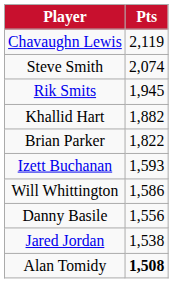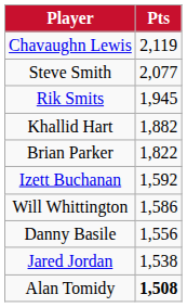 <table class="wikitable sortable" style="text-align:center">
 <tr>
 <th style="background:#C8102E; color:#FFFFFF;">Player</th>
 <th style="background:#C8102E; color:#FFFFFF;">Pts</th>
 </tr>
 <tr>
 <td><a href='#'>Chavaughn Lewis</a></td>
 <td>2,119</td>
 </tr>
 <tr>
 <td>Steve Smith</td>
-<td>2,074</td>
+<td>2,077</td>
 </tr>
 <tr>
 <td><a href='#'>Rik Smits</a></td>
 <td>1,945</td>
 </tr>
 <tr>
 <td>Khallid Hart</td>
 <td>1,882</td>
 </tr>
 <tr>
 <td>Brian Parker</td>
 <td>1,822</td>
 </tr>
 <tr>
 <td><a href='#'>Izett Buchanan</a></td>
-<td>1,593</td>
+<td>1,592</td>
 </tr>
 <tr>
 <td>Will Whittington</td>
 <td>1,586</td>
 </tr>
 <tr>
 <td>Danny Basile</td>
 <td>1,556</td>
 </tr>
 <tr>
 <td><a href='#'>Jared Jordan</a></td>
 <td>1,538</td>
 </tr>
 <tr>
 <td>Alan Tomidy</td>
 <td><strong>1,508</strong></td>
 </tr>
 </table>
